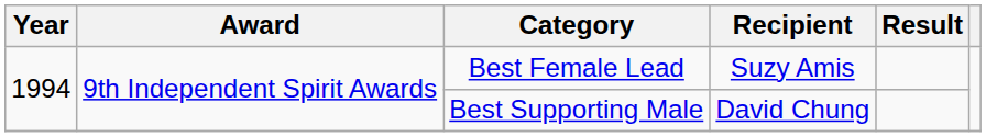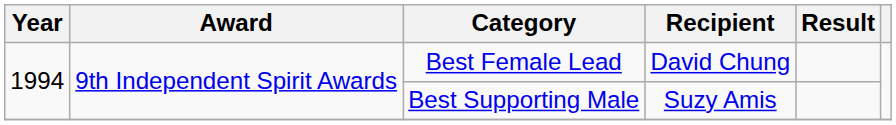 <table class="wikitable plainrowheaders" style="text-align:center;">
 <tr>
 <th scope="col">Year</th>
 <th scope="col">Award</th>
 <th scope="col">Category</th>
 <th scope="col">Recipient</th>
 <th scope="col">Result</th>
 <th scope="col"></th>
 </tr>
 <tr>
 <td rowspan="2">1994</td>
 <td rowspan="2"><a href='#'>9th Independent Spirit Awards</a></td>
 <td><a href='#'>Best Female Lead</a></td>
-<td><a href='#'>Suzy Amis</a></td>
+<td><a href='#'>David Chung</a></td>
 <td></td>
 <td rowspan="2"></td>
 </tr>
 <tr>
 <td><a href='#'>Best Supporting Male</a></td>
-<td><a href='#'>David Chung</a></td>
+<td><a href='#'>Suzy Amis</a></td>
 <td></td>
 </tr>
 <tr>
 </tr>
 </table>
